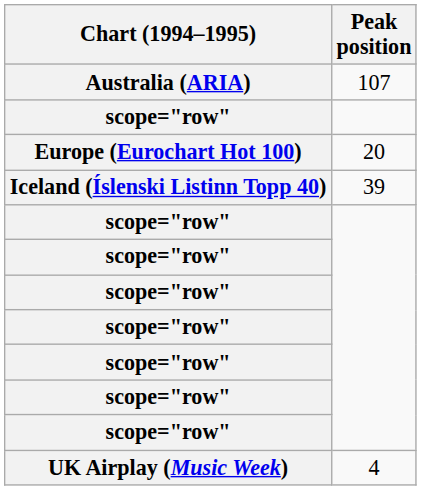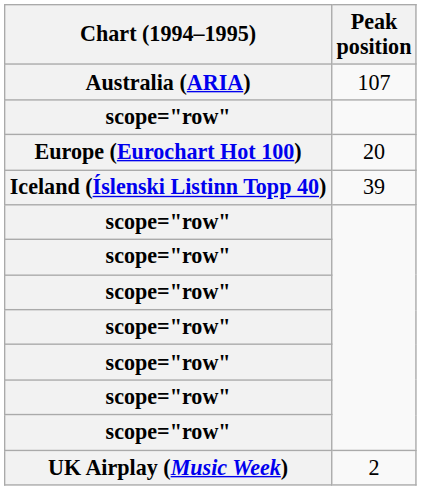 <table class="wikitable sortable plainrowheaders" style="text-align:center">
 <tr>
 <th>Chart (1994–1995)</th>
 <th>Peak<br>position</th>
 </tr>
 <tr>
 <th scope="row">Australia (<a href='#'>ARIA</a>)</th>
 <td>107</td>
 </tr>
 <tr>
 <th>scope="row"</th>
 </tr>
 <tr>
 <th scope="row">Europe (<a href='#'>Eurochart Hot 100</a>)</th>
 <td>20</td>
 </tr>
 <tr>
 <th scope="row">Iceland (<a href='#'>Íslenski Listinn Topp 40</a>)</th>
 <td>39</td>
 </tr>
 <tr>
 <th>scope="row"</th>
 </tr>
 <tr>
 <th>scope="row"</th>
 </tr>
 <tr>
 <th>scope="row"</th>
 </tr>
 <tr>
 <th>scope="row"</th>
 </tr>
 <tr>
 <th>scope="row"</th>
 </tr>
 <tr>
 <th>scope="row"</th>
 </tr>
 <tr>
 <th>scope="row"</th>
 </tr>
 <tr>
 <th scope="row">UK Airplay (<em><a href='#'>Music Week</a></em>)</th>
-<td>4</td>
+<td>2</td>
 </tr>
 </table>
